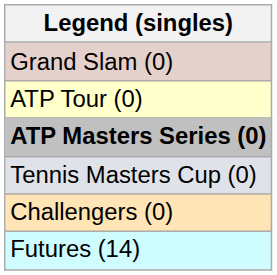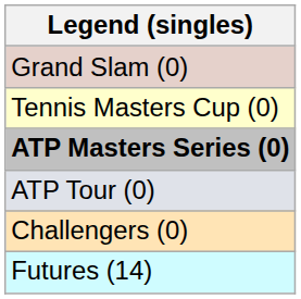 <table class=wikitable>
 <tr>
 <th>Legend (singles)</th>
 </tr>
 <tr bgcolor=e5d1cb>
 <td>Grand Slam (0)</td>
 </tr>
 <tr bgcolor=ffffcc>
-<td>ATP Tour (0)</td>
+<td>Tennis Masters Cup (0)</td>
 </tr>
 <tr bgcolor=silver>
 <td><strong>ATP Masters Series (0)</strong></td>
 </tr>
 <tr bgcolor=dfe2e9>
-<td>Tennis Masters Cup (0)</td>
+<td>ATP Tour (0)</td>
 </tr>
 <tr bgcolor=moccasin>
 <td>Challengers (0)</td>
 </tr>
 <tr bgcolor=CFFCFF>
 <td>Futures (14)</td>
 </tr>
 </table>
